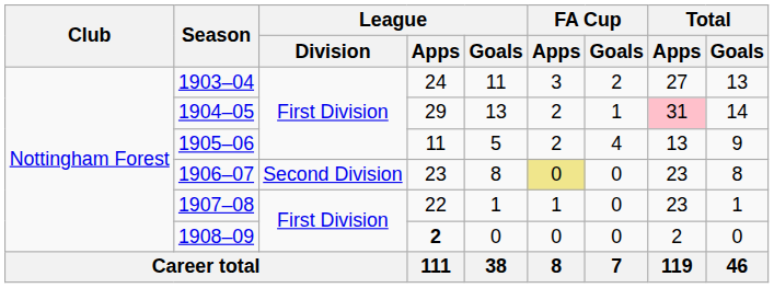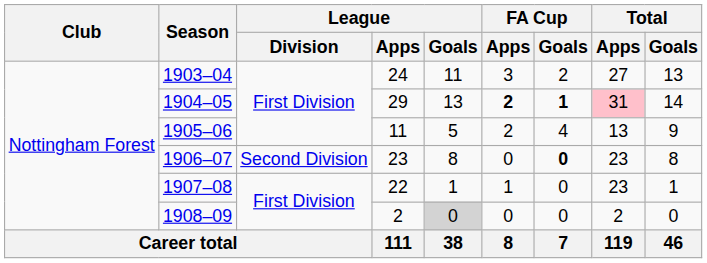 <table class="wikitable" style="text-align: center">
 <tr>
 <th rowspan="2">Club</th>
 <th rowspan="2">Season</th>
 <th colspan="3">League</th>
 <th colspan="2">FA Cup</th>
 <th colspan="2">Total</th>
 </tr>
 <tr>
 <th>Division</th>
 <th>Apps</th>
 <th>Goals</th>
 <th>Apps</th>
 <th>Goals</th>
 <th>Apps</th>
 <th>Goals</th>
 </tr>
 <tr>
 <td rowspan="6"><a href='#'>Nottingham Forest</a></td>
 <td><a href='#'>1903–04</a></td>
 <td rowspan="3"><a href='#'>First Division</a></td>
 <td>24</td>
 <td>11</td>
 <td>3</td>
 <td>2</td>
 <td>27</td>
 <td>13</td>
 </tr>
 <tr>
 <td><a href='#'>1904–05</a></td>
 <td>29</td>
 <td>13</td>
-<td>2</td>
-<td>1</td>
+<td><strong>2</strong></td>
+<td><strong>1</strong></td>
 <td style="background: pink;">31</td>
 <td>14</td>
 </tr>
 <tr>
 <td><a href='#'>1905–06</a></td>
 <td>11</td>
 <td>5</td>
 <td>2</td>
 <td>4</td>
 <td>13</td>
 <td>9</td>
 </tr>
 <tr>
 <td><a href='#'>1906–07</a></td>
 <td rowspan="1"><a href='#'>Second Division</a></td>
 <td>23</td>
 <td>8</td>
-<td style="background: khaki;">0</td>
 <td>0</td>
+<td><strong>0</strong></td>
 <td>23</td>
 <td>8</td>
 </tr>
 <tr>
 <td><a href='#'>1907–08</a></td>
 <td rowspan="2"><a href='#'>First Division</a></td>
 <td>22</td>
 <td>1</td>
 <td>1</td>
 <td>0</td>
 <td>23</td>
 <td>1</td>
 </tr>
 <tr>
 <td><a href='#'>1908–09</a></td>
-<td><strong>2</strong></td>
-<td>0</td>
+<td>2</td>
+<td style="background: lightgrey;">0</td>
 <td>0</td>
 <td>0</td>
 <td>2</td>
 <td>0</td>
 </tr>
 <tr>
 <th colspan="3">Career total</th>
 <th>111</th>
 <th>38</th>
 <th>8</th>
 <th>7</th>
 <th>119</th>
 <th>46</th>
 </tr>
 </table>
